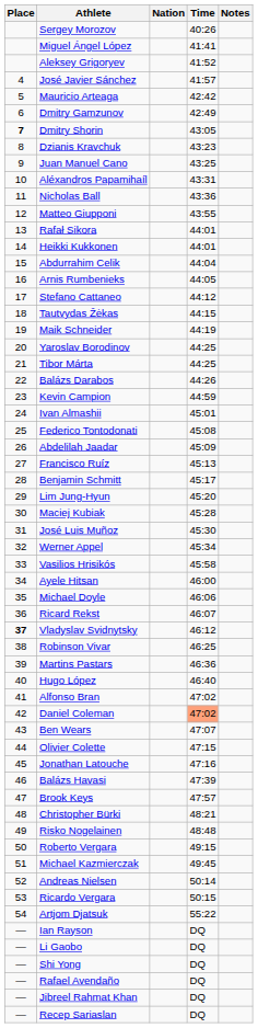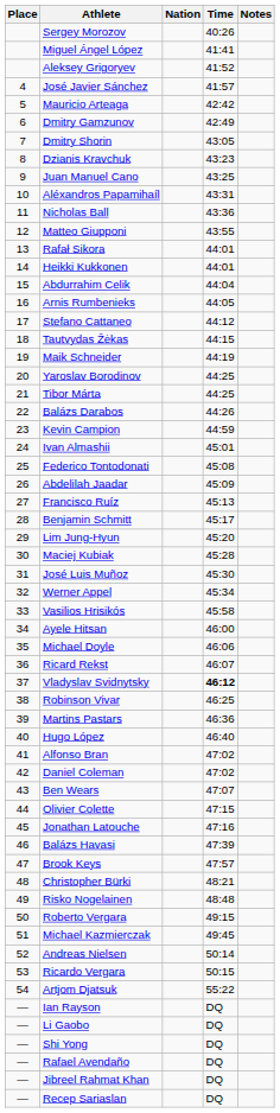 <table class=wikitable>
 <tr>
 <th>Place</th>
 <th>Athlete</th>
 <th>Nation</th>
 <th>Time</th>
 <th>Notes</th>
 </tr>
 <tr>
 <td align=center></td>
 <td><a href='#'>Sergey Morozov</a></td>
 <td></td>
 <td>40:26</td>
 <td></td>
 </tr>
 <tr>
 <td align=center></td>
 <td><a href='#'>Miguel Ángel López</a></td>
 <td></td>
 <td>41:41</td>
 <td></td>
 </tr>
 <tr>
 <td align=center></td>
 <td><a href='#'>Aleksey Grigoryev</a></td>
 <td></td>
 <td>41:52</td>
 <td></td>
 </tr>
 <tr>
 <td align=center>4</td>
 <td><a href='#'>José Javier Sánchez</a></td>
 <td></td>
 <td>41:57</td>
 <td></td>
 </tr>
 <tr>
 <td align=center>5</td>
 <td><a href='#'>Mauricio Arteaga</a></td>
 <td></td>
 <td>42:42</td>
 <td></td>
 </tr>
 <tr>
 <td align=center>6</td>
 <td><a href='#'>Dmitry Gamzunov</a></td>
 <td></td>
 <td>42:49</td>
 <td></td>
 </tr>
 <tr>
-<td align=center><strong>7</strong></td>
+<td align=center>7</td>
 <td><a href='#'>Dmitry Shorin</a></td>
 <td></td>
 <td>43:05</td>
 <td></td>
 </tr>
 <tr>
 <td align=center>8</td>
 <td><a href='#'>Dzianis Kravchuk</a></td>
 <td></td>
 <td>43:23</td>
 <td></td>
 </tr>
 <tr>
 <td align=center>9</td>
 <td><a href='#'>Juan Manuel Cano</a></td>
 <td></td>
 <td>43:25</td>
 <td></td>
 </tr>
 <tr>
 <td align=center>10</td>
 <td><a href='#'>Aléxandros Papamihaíl</a></td>
 <td></td>
 <td>43:31</td>
 <td></td>
 </tr>
 <tr>
 <td align=center>11</td>
 <td><a href='#'>Nicholas Ball</a></td>
 <td></td>
 <td>43:36</td>
 <td></td>
 </tr>
 <tr>
 <td align=center>12</td>
 <td><a href='#'>Matteo Giupponi</a></td>
 <td></td>
 <td>43:55</td>
 <td></td>
 </tr>
 <tr>
 <td align=center>13</td>
 <td><a href='#'>Rafał Sikora</a></td>
 <td></td>
 <td>44:01</td>
 <td></td>
 </tr>
 <tr>
 <td align=center>14</td>
 <td><a href='#'>Heikki Kukkonen</a></td>
 <td></td>
 <td>44:01</td>
 <td></td>
 </tr>
 <tr>
 <td align=center>15</td>
 <td><a href='#'>Abdurrahim Celik</a></td>
 <td></td>
 <td>44:04</td>
 <td></td>
 </tr>
 <tr>
 <td align=center>16</td>
 <td><a href='#'>Arnis Rumbenieks</a></td>
 <td></td>
 <td>44:05</td>
 <td></td>
 </tr>
 <tr>
 <td align=center>17</td>
 <td><a href='#'>Stefano Cattaneo</a></td>
 <td></td>
 <td>44:12</td>
 <td></td>
 </tr>
 <tr>
 <td align=center>18</td>
 <td><a href='#'>Tautvydas Žėkas</a></td>
 <td></td>
 <td>44:15</td>
 <td></td>
 </tr>
 <tr>
 <td align=center>19</td>
 <td><a href='#'>Maik Schneider</a></td>
 <td></td>
 <td>44:19</td>
 <td></td>
 </tr>
 <tr>
 <td align=center>20</td>
 <td><a href='#'>Yaroslav Borodinov</a></td>
 <td></td>
 <td>44:25</td>
 <td></td>
 </tr>
 <tr>
 <td align=center>21</td>
 <td><a href='#'>Tibor Márta</a></td>
 <td></td>
 <td>44:25</td>
 <td></td>
 </tr>
 <tr>
 <td align=center>22</td>
 <td><a href='#'>Balázs Darabos</a></td>
 <td></td>
 <td>44:26</td>
 <td></td>
 </tr>
 <tr>
 <td align=center>23</td>
 <td><a href='#'>Kevin Campion</a></td>
 <td></td>
 <td>44:59</td>
 <td></td>
 </tr>
 <tr>
 <td align=center>24</td>
 <td><a href='#'>Ivan Almashii</a></td>
 <td></td>
 <td>45:01</td>
 <td></td>
 </tr>
 <tr>
 <td align=center>25</td>
 <td><a href='#'>Federico Tontodonati</a></td>
 <td></td>
 <td>45:08</td>
 <td></td>
 </tr>
 <tr>
 <td align=center>26</td>
 <td><a href='#'>Abdelilah Jaadar</a></td>
 <td></td>
 <td>45:09</td>
 <td></td>
 </tr>
 <tr>
 <td align=center>27</td>
 <td><a href='#'>Francisco Ruíz</a></td>
 <td></td>
 <td>45:13</td>
 <td></td>
 </tr>
 <tr>
 <td align=center>28</td>
 <td><a href='#'>Benjamin Schmitt</a></td>
 <td></td>
 <td>45:17</td>
 <td></td>
 </tr>
 <tr>
 <td align=center>29</td>
 <td><a href='#'>Lim Jung-Hyun</a></td>
 <td></td>
 <td>45:20</td>
 <td></td>
 </tr>
 <tr>
 <td align=center>30</td>
 <td><a href='#'>Maciej Kubiak</a></td>
 <td></td>
 <td>45:28</td>
 <td></td>
 </tr>
 <tr>
 <td align=center>31</td>
 <td><a href='#'>José Luis Muñoz</a></td>
 <td></td>
 <td>45:30</td>
 <td></td>
 </tr>
 <tr>
 <td align=center>32</td>
 <td><a href='#'>Werner Appel</a></td>
 <td></td>
 <td>45:34</td>
 <td></td>
 </tr>
 <tr>
 <td align=center>33</td>
 <td><a href='#'>Vasilios Hrisikós</a></td>
 <td></td>
 <td>45:58</td>
 <td></td>
 </tr>
 <tr>
 <td align=center>34</td>
 <td><a href='#'>Ayele Hitsan</a></td>
 <td></td>
 <td>46:00</td>
 <td></td>
 </tr>
 <tr>
 <td align=center>35</td>
 <td><a href='#'>Michael Doyle</a></td>
 <td></td>
 <td>46:06</td>
 <td></td>
 </tr>
 <tr>
 <td align=center>36</td>
 <td><a href='#'>Ricard Rekst</a></td>
 <td></td>
 <td>46:07</td>
 <td></td>
 </tr>
 <tr>
-<td align=center><strong>37</strong></td>
+<td align=center>37</td>
 <td><a href='#'>Vladyslav Svidnytsky</a></td>
 <td></td>
-<td>46:12</td>
+<td><strong>46:12</strong></td>
 <td></td>
 </tr>
 <tr>
 <td align=center>38</td>
 <td><a href='#'>Robinson Vivar</a></td>
 <td></td>
 <td>46:25</td>
 <td></td>
 </tr>
 <tr>
 <td align=center>39</td>
 <td><a href='#'>Martins Pastars</a></td>
 <td></td>
 <td>46:36</td>
 <td></td>
 </tr>
 <tr>
 <td align=center>40</td>
 <td><a href='#'>Hugo López</a></td>
 <td></td>
 <td>46:40</td>
 <td></td>
 </tr>
 <tr>
 <td align=center>41</td>
 <td><a href='#'>Alfonso Bran</a></td>
 <td></td>
 <td>47:02</td>
 <td></td>
 </tr>
 <tr>
 <td align=center>42</td>
 <td><a href='#'>Daniel Coleman</a></td>
 <td></td>
-<td style="background: lightsalmon;">47:02</td>
+<td>47:02</td>
 <td></td>
 </tr>
 <tr>
 <td align=center>43</td>
 <td><a href='#'>Ben Wears</a></td>
 <td></td>
 <td>47:07</td>
 <td></td>
 </tr>
 <tr>
 <td align=center>44</td>
 <td><a href='#'>Olivier Colette</a></td>
 <td></td>
 <td>47:15</td>
 <td></td>
 </tr>
 <tr>
 <td align=center>45</td>
 <td><a href='#'>Jonathan Latouche</a></td>
 <td></td>
 <td>47:16</td>
 <td></td>
 </tr>
 <tr>
 <td align=center>46</td>
 <td><a href='#'>Balázs Havasi</a></td>
 <td></td>
 <td>47:39</td>
 <td></td>
 </tr>
 <tr>
 <td align=center>47</td>
 <td><a href='#'>Brook Keys</a></td>
 <td></td>
 <td>47:57</td>
 <td></td>
 </tr>
 <tr>
 <td align=center>48</td>
 <td><a href='#'>Christopher Bürki</a></td>
 <td></td>
 <td>48:21</td>
 <td></td>
 </tr>
 <tr>
 <td align=center>49</td>
 <td><a href='#'>Risko Nogelainen</a></td>
 <td></td>
 <td>48:48</td>
 <td></td>
 </tr>
 <tr>
 <td align=center>50</td>
 <td><a href='#'>Roberto Vergara</a></td>
 <td></td>
 <td>49:15</td>
 <td></td>
 </tr>
 <tr>
 <td align=center>51</td>
 <td><a href='#'>Michael Kazmierczak</a></td>
 <td></td>
 <td>49:45</td>
 <td></td>
 </tr>
 <tr>
 <td align=center>52</td>
 <td><a href='#'>Andreas Nielsen</a></td>
 <td></td>
 <td>50:14</td>
 <td></td>
 </tr>
 <tr>
 <td align=center>53</td>
 <td><a href='#'>Ricardo Vergara</a></td>
 <td></td>
 <td>50:15</td>
 <td></td>
 </tr>
 <tr>
 <td align=center>54</td>
 <td><a href='#'>Artjom Djatsuk</a></td>
 <td></td>
 <td>55:22</td>
 <td></td>
 </tr>
 <tr>
 <td align=center>—</td>
 <td><a href='#'>Ian Rayson</a></td>
 <td></td>
 <td>DQ</td>
 <td></td>
 </tr>
 <tr>
 <td align=center>—</td>
 <td><a href='#'>Li Gaobo</a></td>
 <td></td>
 <td>DQ</td>
 <td></td>
 </tr>
 <tr>
 <td align=center>—</td>
 <td><a href='#'>Shi Yong</a></td>
 <td></td>
 <td>DQ</td>
 <td></td>
 </tr>
 <tr>
 <td align=center>—</td>
 <td><a href='#'>Rafael Avendaño</a></td>
 <td></td>
 <td>DQ</td>
 <td></td>
 </tr>
 <tr>
 <td align=center>—</td>
 <td><a href='#'>Jibreel Rahmat Khan</a></td>
 <td></td>
 <td>DQ</td>
 <td></td>
 </tr>
 <tr>
 <td align=center>—</td>
 <td><a href='#'>Recep Sariaslan</a></td>
 <td></td>
 <td>DQ</td>
 <td></td>
 </tr>
 </table>
